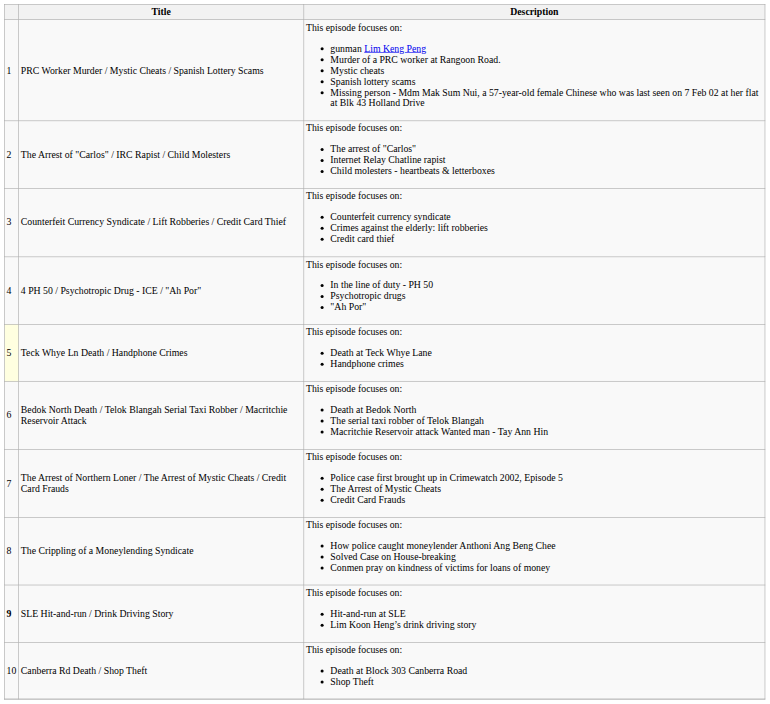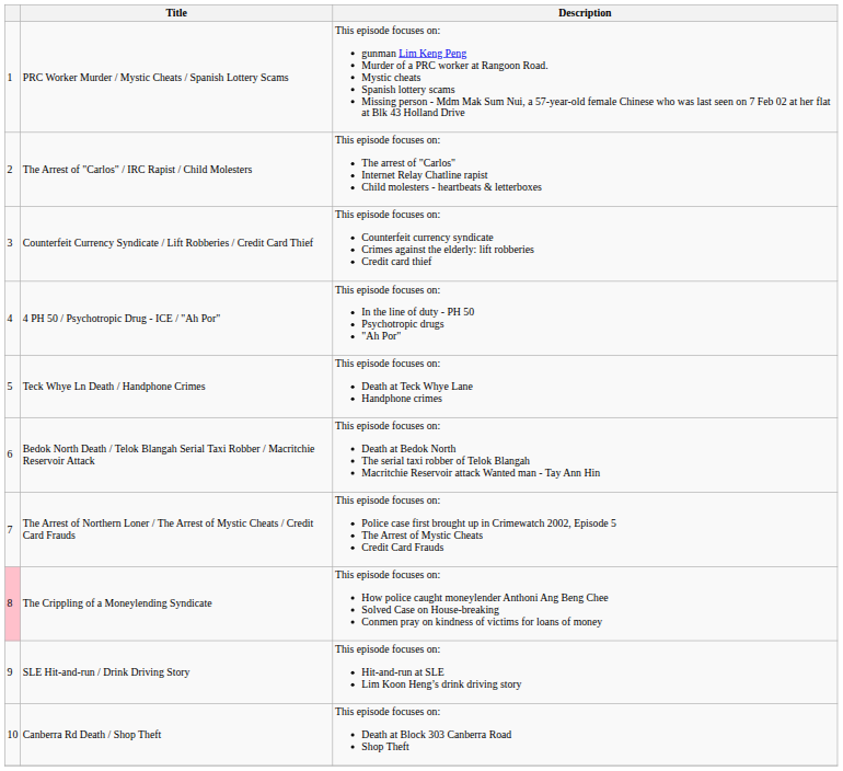 <table class="wikitable">
 <tr>
 <th></th>
 <th>Title</th>
 <th>Description</th>
 </tr>
 <tr>
 <td>1</td>
 <td>PRC Worker Murder / Mystic Cheats / Spanish Lottery Scams</td>
 <td>This episode focuses on:<br><ul><li>gunman <a href='#'>Lim Keng Peng</a></li><li>Murder of a PRC worker at Rangoon Road.</li><li>Mystic cheats</li><li>Spanish lottery scams</li><li>Missing person - Mdm Mak Sum Nui, a 57-year-old female Chinese who was last seen on 7 Feb 02 at her flat at Blk 43 Holland Drive</li></ul></td>
 </tr>
 <tr>
 <td>2</td>
 <td>The Arrest of "Carlos" / IRC Rapist / Child Molesters</td>
 <td>This episode focuses on:<br><ul><li>The arrest of "Carlos"</li><li>Internet Relay Chatline rapist</li><li>Child molesters - heartbeats & letterboxes</li></ul></td>
 </tr>
 <tr>
 <td>3</td>
 <td>Counterfeit Currency Syndicate / Lift Robberies / Credit Card Thief</td>
 <td>This episode focuses on:<br><ul><li>Counterfeit currency syndicate</li><li>Crimes against the elderly: lift robberies</li><li>Credit card thief</li></ul></td>
 </tr>
 <tr>
 <td>4</td>
 <td>4 PH 50 / Psychotropic Drug - ICE / "Ah Por"</td>
 <td>This episode focuses on:<br><ul><li>In the line of duty - PH 50</li><li>Psychotropic drugs</li><li>"Ah Por"</li></ul></td>
 </tr>
 <tr>
-<td style="background: lightyellow;">5</td>
+<td>5</td>
 <td>Teck Whye Ln Death / Handphone Crimes</td>
 <td>This episode focuses on:<br><ul><li>Death at Teck Whye Lane</li><li>Handphone crimes</li></ul></td>
 </tr>
 <tr>
 <td>6</td>
 <td>Bedok North Death / Telok Blangah Serial Taxi Robber / Macritchie Reservoir Attack</td>
 <td>This episode focuses on:<br><ul><li>Death at Bedok North</li><li>The serial taxi robber of Telok Blangah</li><li>Macritchie Reservoir attack Wanted man - Tay Ann Hin</li></ul></td>
 </tr>
 <tr>
 <td>7</td>
 <td>The Arrest of Northern Loner / The Arrest of Mystic Cheats / Credit Card Frauds</td>
 <td>This episode focuses on:<br><ul><li>Police case first brought up in Crimewatch 2002, Episode 5</li><li>The Arrest of Mystic Cheats</li><li>Credit Card Frauds</li></ul></td>
 </tr>
 <tr>
-<td>8</td>
+<td style="background: pink;">8</td>
 <td>The Crippling of a Moneylending Syndicate</td>
 <td>This episode focuses on:<br><ul><li>How police caught moneylender Anthoni Ang Beng Chee</li><li>Solved Case on House-breaking</li><li>Conmen pray on kindness of victims for loans of money</li></ul></td>
 </tr>
 <tr>
-<td><strong>9</strong></td>
+<td>9</td>
 <td>SLE Hit-and-run / Drink Driving Story</td>
 <td>This episode focuses on:<br><ul><li>Hit-and-run at SLE</li><li>Lim Koon Heng’s drink driving story</li></ul></td>
 </tr>
 <tr>
 <td>10</td>
 <td>Canberra Rd Death / Shop Theft</td>
 <td>This episode focuses on:<br><ul><li>Death at Block 303 Canberra Road</li><li>Shop Theft</li></ul></td>
 </tr>
 <tr>
 </tr>
 </table>
